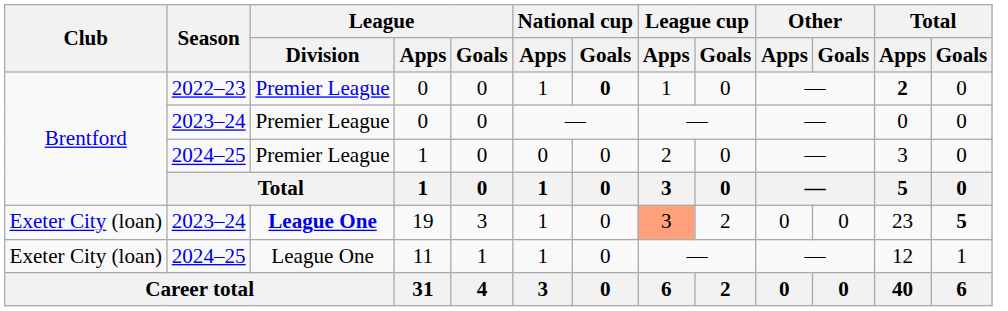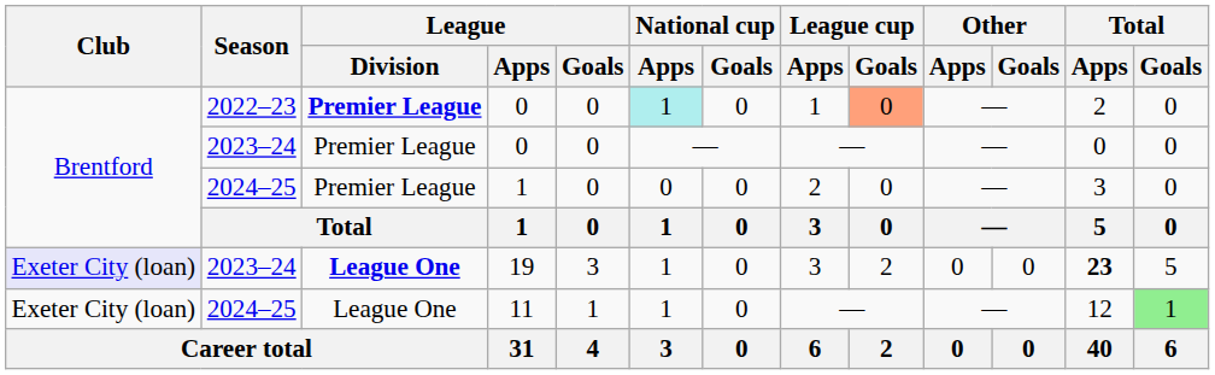 <table class="wikitable" style="text-align: center;">
 <tr>
 <th rowspan="2">Club</th>
 <th rowspan="2">Season</th>
 <th colspan="3">League</th>
 <th colspan="2">National cup</th>
 <th colspan="2">League cup</th>
 <th colspan="2">Other</th>
 <th colspan="2">Total</th>
 </tr>
 <tr>
 <th>Division</th>
 <th>Apps</th>
 <th>Goals</th>
 <th>Apps</th>
 <th>Goals</th>
 <th>Apps</th>
 <th>Goals</th>
 <th>Apps</th>
 <th>Goals</th>
 <th>Apps</th>
 <th>Goals</th>
 </tr>
 <tr>
 <td rowspan="4"><a href='#'>Brentford</a></td>
 <td><a href='#'>2022–23</a></td>
-<td><a href='#'>Premier League</a></td>
+<td><strong><a href='#'>Premier League</a></strong></td>
 <td>0</td>
 <td>0</td>
+<td style="background: paleturquoise;">1</td>
+<td>0</td>
 <td>1</td>
-<td><strong>0</strong></td>
-<td>1</td>
-<td>0</td>
+<td style="background: lightsalmon;">0</td>
 <td colspan="2">―</td>
-<td><strong>2</strong></td>
+<td>2</td>
 <td>0</td>
 </tr>
 <tr>
 <td><a href='#'>2023–24</a></td>
 <td>Premier League</td>
 <td>0</td>
 <td>0</td>
 <td colspan="2">―</td>
 <td colspan="2">―</td>
 <td colspan="2">―</td>
 <td>0</td>
 <td>0</td>
 </tr>
 <tr>
 <td><a href='#'>2024–25</a></td>
 <td>Premier League</td>
 <td>1</td>
 <td>0</td>
 <td>0</td>
 <td>0</td>
 <td>2</td>
 <td>0</td>
 <td colspan="2">―</td>
 <td>3</td>
 <td>0</td>
 </tr>
 <tr>
 <th colspan="2">Total</th>
 <th>1</th>
 <th>0</th>
 <th>1</th>
 <th>0</th>
 <th>3</th>
 <th>0</th>
 <th colspan="2">―</th>
 <th>5</th>
 <th>0</th>
 </tr>
 <tr>
-<td><a href='#'>Exeter City</a> (loan)</td>
+<td style="background: lavender;"><a href='#'>Exeter City</a> (loan)</td>
 <td><a href='#'>2023–24</a></td>
 <td><strong><a href='#'>League One</a></strong></td>
 <td>19</td>
 <td>3</td>
 <td>1</td>
 <td>0</td>
-<td style="background: lightsalmon;">3</td>
+<td>3</td>
 <td>2</td>
 <td>0</td>
 <td>0</td>
-<td>23</td>
-<td><strong>5</strong></td>
+<td><strong>23</strong></td>
+<td>5</td>
 </tr>
 <tr>
 <td>Exeter City (loan)</td>
 <td><a href='#'>2024–25</a></td>
 <td>League One</td>
 <td>11</td>
 <td>1</td>
 <td>1</td>
 <td>0</td>
 <td colspan="2">―</td>
 <td colspan="2">―</td>
 <td>12</td>
-<td>1</td>
+<td style="background: lightgreen;">1</td>
 </tr>
 <tr>
 <th colspan="3">Career total</th>
 <th>31</th>
 <th>4</th>
 <th>3</th>
 <th>0</th>
 <th>6</th>
 <th>2</th>
 <th>0</th>
 <th>0</th>
 <th>40</th>
 <th>6</th>
 </tr>
 </table>
